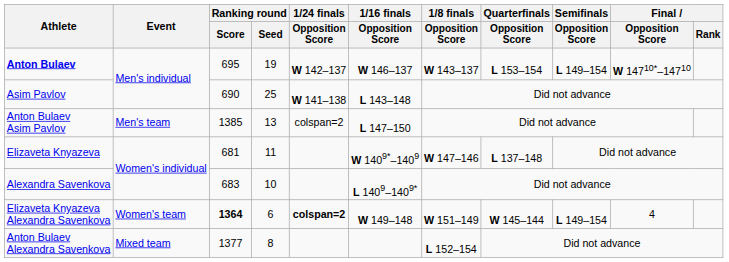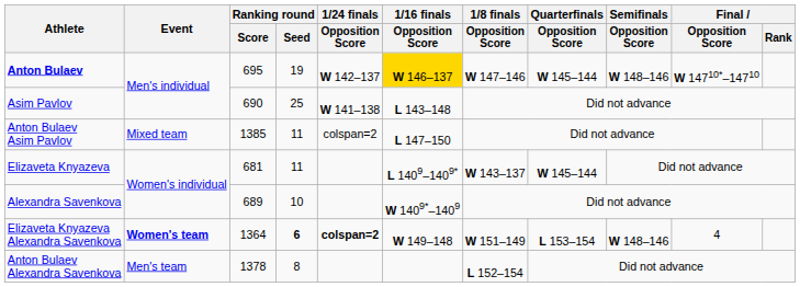 <table class="wikitable" style="text-align:center; font-size:90%">
 <tr>
 <th rowspan=2>Athlete</th>
 <th rowspan=2>Event</th>
 <th colspan=2>Ranking round</th>
 <th>1/24 finals</th>
 <th>1/16 finals</th>
 <th>1/8 finals</th>
 <th>Quarterfinals</th>
 <th>Semifinals</th>
 <th colspan=2>Final / </th>
 </tr>
 <tr style="font-size:95%">
 <th>Score</th>
 <th>Seed</th>
 <th>Opposition<br>Score</th>
 <th>Opposition<br>Score</th>
 <th>Opposition<br>Score</th>
 <th>Opposition<br>Score</th>
 <th>Opposition<br>Score</th>
 <th>Opposition<br>Score</th>
 <th>Rank</th>
 </tr>
 <tr>
 <td align=left><strong><a href='#'>Anton Bulaev</a></strong></td>
 <td rowspan=2 align=left><a href='#'>Men's individual</a></td>
 <td>695</td>
 <td>19</td>
 <td><br><strong>W</strong> 142–137</td>
-<td><br><strong>W</strong> 146–137</td>
-<td><br><strong>W</strong> 143–137</td>
-<td><br><strong>L</strong> 153–154</td>
-<td><br><strong>L</strong> 149–154</td>
+<td style="background: gold;"><br><strong>W</strong> 146–137</td>
+<td><br><strong>W</strong> 147–146</td>
+<td><br><strong>W</strong> 145–144</td>
+<td><br><strong>W</strong> 148–146</td>
 <td><br><strong>W</strong> 147<sup>10*</sup>–147<sup>10</sup></td>
 <td></td>
 </tr>
 <tr>
 <td align=left><a href='#'>Asim Pavlov</a></td>
 <td>690</td>
 <td>25</td>
 <td><br><strong>W</strong> 141–138</td>
 <td><br><strong>L</strong> 143–148</td>
 <td colspan=5>Did not advance</td>
 </tr>
 <tr>
 <td align=left><a href='#'>Anton Bulaev</a><br><a href='#'>Asim Pavlov</a></td>
-<td align=left><a href='#'>Men's team</a></td>
+<td align=left><a href='#'>Mixed team</a></td>
 <td>1385</td>
-<td>13</td>
+<td>11</td>
 <td>colspan=2 </td>
 <td><br><strong>L</strong> 147–150</td>
 <td colspan=4>Did not advance</td>
 </tr>
 <tr>
 <td align=left><a href='#'>Elizaveta Knyazeva</a></td>
 <td rowspan=2 align=left><a href='#'>Women's individual</a></td>
 <td>681</td>
 <td>11</td>
 <td></td>
-<td><br><strong>W</strong> 140<sup>9*</sup>–140<sup>9</sup></td>
-<td><br><strong>W</strong> 147–146</td>
-<td><br><strong>L</strong> 137–148</td>
+<td><br><strong>L</strong> 140<sup>9</sup>–140<sup>9*</sup></td>
+<td><br><strong>W</strong> 143–137</td>
+<td><br><strong>W</strong> 145–144</td>
 <td colspan=3>Did not advance</td>
 </tr>
 <tr>
 <td align=left><a href='#'>Alexandra Savenkova</a></td>
-<td>683</td>
+<td>689</td>
 <td>10</td>
 <td></td>
-<td><br><strong>L</strong> 140<sup>9</sup>–140<sup>9*</sup></td>
+<td><br><strong>W</strong> 140<sup>9*</sup>–140<sup>9</sup></td>
 <td colspan=5>Did not advance</td>
 </tr>
 <tr>
 <td align=left><a href='#'>Elizaveta Knyazeva</a><br><a href='#'>Alexandra Savenkova</a></td>
-<td align=left><a href='#'>Women's team</a></td>
-<td><strong>1364</strong></td>
-<td>6</td>
+<td align=left><strong><a href='#'>Women's team</a></strong></td>
+<td>1364</td>
+<td><strong>6</strong></td>
 <td><strong>colspan=2 </strong></td>
 <td><br><strong>W</strong> 149–148</td>
 <td><br><strong>W</strong> 151–149</td>
-<td><br><strong>W</strong> 145–144</td>
-<td><br><strong>L</strong> 149–154</td>
+<td><br><strong>L</strong> 153–154</td>
+<td><br><strong>W</strong> 148–146</td>
 <td>4</td>
 </tr>
 <tr>
 <td align=left><a href='#'>Anton Bulaev</a><br><a href='#'>Alexandra Savenkova</a></td>
-<td align=left><a href='#'>Mixed team</a></td>
-<td>1377</td>
+<td align=left><a href='#'>Men's team</a></td>
+<td>1378</td>
 <td>8</td>
 <td></td>
 <td></td>
 <td><br><strong>L</strong> 152–154</td>
 <td colspan=4>Did not advance</td>
 </tr>
 </table>
